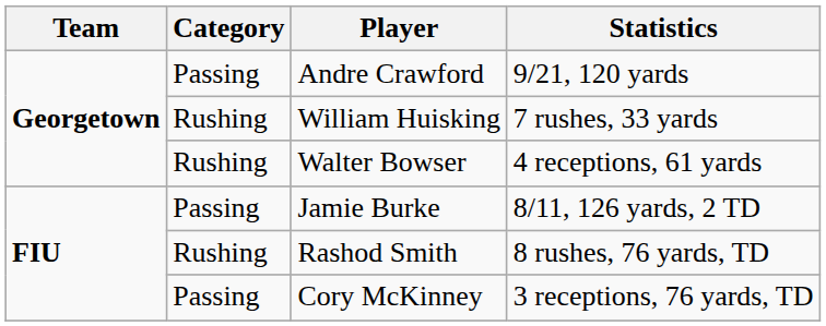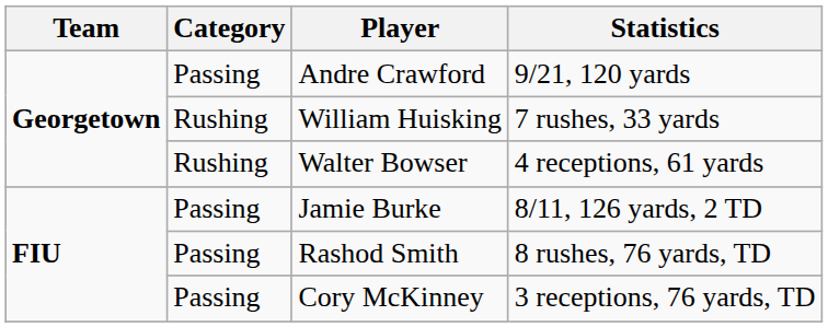 <table class="wikitable" style="float: right;">
 <tr>
 <th>Team</th>
 <th>Category</th>
 <th>Player</th>
 <th>Statistics</th>
 </tr>
 <tr>
 <td rowspan=3><strong>Georgetown</strong></td>
 <td>Passing</td>
 <td>Andre Crawford</td>
 <td>9/21, 120 yards</td>
 </tr>
 <tr>
 <td>Rushing</td>
 <td>William Huisking</td>
 <td>7 rushes, 33 yards</td>
 </tr>
 <tr>
 <td>Rushing</td>
 <td>Walter Bowser</td>
 <td>4 receptions, 61 yards</td>
 </tr>
 <tr>
 <td rowspan=3><strong>FIU</strong></td>
 <td>Passing</td>
 <td>Jamie Burke</td>
 <td>8/11, 126 yards, 2 TD</td>
 </tr>
 <tr>
-<td>Rushing</td>
+<td>Passing</td>
 <td>Rashod Smith</td>
 <td>8 rushes, 76 yards, TD</td>
 </tr>
 <tr>
 <td>Passing</td>
 <td>Cory McKinney</td>
 <td>3 receptions, 76 yards, TD</td>
 </tr>
 </table>
